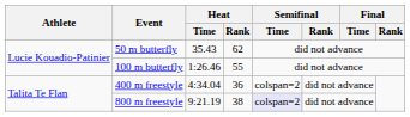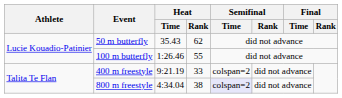 <table class="wikitable" style="text-align:center; font-size:90%">
 <tr>
 <th rowspan="2">Athlete</th>
 <th rowspan="2">Event</th>
 <th colspan="2">Heat</th>
 <th colspan="2">Semifinal</th>
 <th colspan="2">Final</th>
 </tr>
 <tr style="font-size:95%">
 <th>Time</th>
 <th>Rank</th>
 <th>Time</th>
 <th>Rank</th>
 <th>Time</th>
 <th>Rank</th>
 </tr>
 <tr>
 <td align=left rowspan=2><a href='#'>Lucie Kouadio-Patinier</a></td>
 <td align=left><a href='#'>50 m butterfly</a></td>
 <td>35.43</td>
 <td>62</td>
 <td colspan=4>did not advance</td>
 </tr>
 <tr>
 <td align=left><a href='#'>100 m butterfly</a></td>
 <td>1:26.46</td>
 <td>55</td>
 <td colspan=4>did not advance</td>
 </tr>
 <tr>
 <td align=left rowspan=2><a href='#'>Talita Te Flan</a></td>
 <td align=left><a href='#'>400 m freestyle</a></td>
-<td>4:34.04</td>
-<td>36</td>
+<td>9:21.19</td>
+<td>33</td>
 <td>colspan=2</td>
 <td colspan=2>did not advance</td>
 </tr>
 <tr>
 <td align=left><a href='#'>800 m freestyle</a></td>
-<td>9:21.19</td>
+<td>4:34.04</td>
 <td>38</td>
 <td style="background: lavender;">colspan=2</td>
 <td colspan=2>did not advance</td>
 </tr>
 </table>
